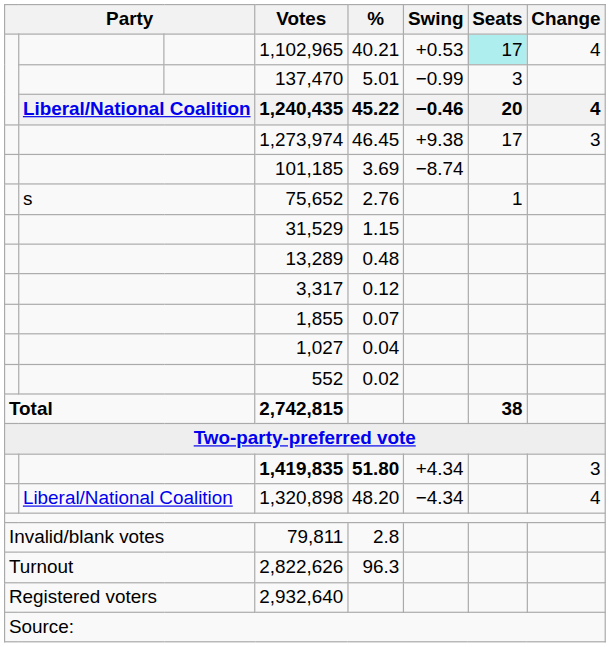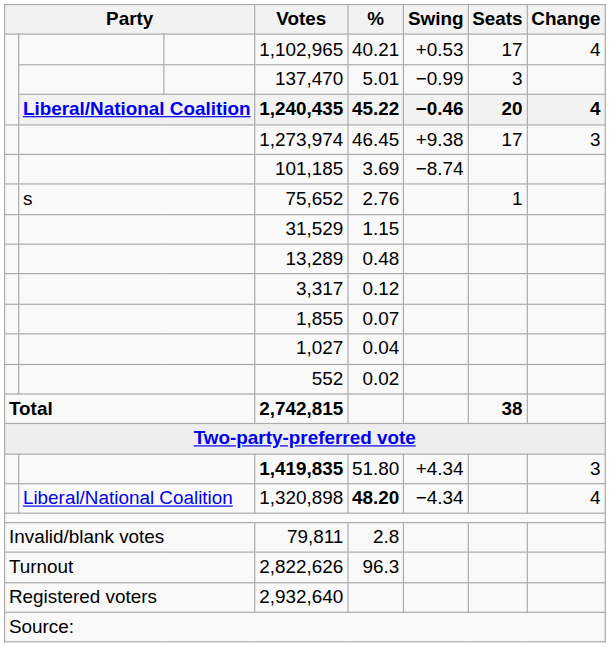 <table class="wikitable">
 <tr>
 <th colspan="3" style="width:200px"><strong>Party</strong></th>
 <th style="width:70px; text-align:center;"><strong>Votes</strong></th>
 <th style="width:40px; text-align:center;"><strong>%</strong></th>
 <th style="width:40px; text-align:center;"><strong>Swing</strong></th>
 <th style="width:40px; text-align:center;"><strong>Seats</strong></th>
 <th style="width:40px; text-align:center;"><strong>Change</strong></th>
 </tr>
 <tr>
 <td rowspan="3"> </td>
 <td> </td>
 <td></td>
 <td align=right>1,102,965</td>
 <td align=right>40.21</td>
 <td align=right>+0.53</td>
-<td align=right style="background: paleturquoise;">17</td>
+<td align=right>17</td>
 <td align=right> 4</td>
 </tr>
 <tr>
 <td> </td>
 <td></td>
 <td align=right>137,470</td>
 <td align=right>5.01</td>
 <td align=right>−0.99</td>
 <td align=right>3</td>
 <td align=right></td>
 </tr>
 <tr>
 <th colspan="2" style="text-align:left;"><a href='#'>Liberal/National Coalition</a></th>
 <th style="text-align:right;">1,240,435</th>
 <th style="text-align:right;">45.22</th>
 <th style="text-align:right;">−0.46</th>
 <th style="text-align:right;">20</th>
 <th style="text-align:right;"> 4</th>
 </tr>
 <tr>
 <td> </td>
 <td colspan=2></td>
 <td align=right>1,273,974</td>
 <td align=right>46.45</td>
 <td align=right>+9.38</td>
 <td align=right>17</td>
 <td align=right> 3</td>
 </tr>
 <tr>
 <td> </td>
 <td colspan=2></td>
 <td align=right>101,185</td>
 <td align=right>3.69</td>
 <td align=right>−8.74</td>
 <td align=right></td>
 <td align=right></td>
 </tr>
 <tr>
 <td> </td>
 <td colspan=2>s</td>
 <td align=right>75,652</td>
 <td align=right>2.76</td>
 <td align=right></td>
 <td align=right>1</td>
 <td align=right></td>
 </tr>
 <tr>
 <td> </td>
 <td colspan=2></td>
 <td align=right>31,529</td>
 <td align=right>1.15</td>
 <td align=right></td>
 <td align=right></td>
 <td align=right></td>
 </tr>
 <tr>
 <td> </td>
 <td colspan=2></td>
 <td align=right>13,289</td>
 <td align=right>0.48</td>
 <td align=right></td>
 <td align=right></td>
 <td align=right></td>
 </tr>
 <tr>
 <td> </td>
 <td colspan=2></td>
 <td align=right>3,317</td>
 <td align=right>0.12</td>
 <td align=right></td>
 <td align=right></td>
 <td align=right></td>
 </tr>
 <tr>
 <td> </td>
 <td colspan=2></td>
 <td align=right>1,855</td>
 <td align=right>0.07</td>
 <td align=right></td>
 <td align=right></td>
 <td align=right></td>
 </tr>
 <tr>
 <td> </td>
 <td colspan=2></td>
 <td align=right>1,027</td>
 <td align=right>0.04</td>
 <td align=right></td>
 <td align=right></td>
 <td align=right></td>
 </tr>
 <tr>
 <td> </td>
 <td colspan=2></td>
 <td align=right>552</td>
 <td align=right>0.02</td>
 <td align=right></td>
 <td align=right></td>
 <td align=right></td>
 </tr>
 <tr>
 <td colspan="3" align="left"><strong>Total</strong></td>
 <td align=right><strong>2,742,815</strong></td>
 <td align=right></td>
 <td align=right></td>
 <td align=right><strong>38</strong></td>
 <td align=right></td>
 </tr>
 <tr>
 <td colspan="8" style="text-align:center; background:#eee;"><strong><a href='#'>Two-party-preferred vote</a></strong></td>
 </tr>
 <tr>
 <td> </td>
 <td colspan=2></td>
 <td align=right><strong>1,419,835</strong></td>
-<td align=right><strong>51.80</strong></td>
+<td align=right>51.80</td>
 <td align=right>+4.34</td>
 <td align=right></td>
 <td align=right> 3</td>
 </tr>
 <tr>
 <td> </td>
 <td colspan=2><a href='#'>Liberal/National Coalition</a></td>
 <td align=right>1,320,898</td>
-<td align=right>48.20</td>
+<td align=right><strong>48.20</strong></td>
 <td align=right>−4.34</td>
 <td align=right></td>
 <td align=right> 4</td>
 </tr>
 <tr>
 <td colspan="8"></td>
 </tr>
 <tr>
 <td colspan="3" style="text-align:left;">Invalid/blank votes</td>
 <td align="right">79,811</td>
 <td align="right">2.8</td>
 <td align="right"></td>
 <td></td>
 <td></td>
 </tr>
 <tr>
 <td colspan="3" style="text-align:left;">Turnout</td>
 <td align="right">2,822,626</td>
 <td align="right">96.3</td>
 <td align="right"></td>
 <td></td>
 <td></td>
 </tr>
 <tr>
 <td colspan="3" style="text-align:left;">Registered voters</td>
 <td align="right">2,932,640</td>
 <td></td>
 <td></td>
 <td></td>
 <td></td>
 </tr>
 <tr>
 <td colspan="8" align="left">Source: </td>
 </tr>
 </table>
